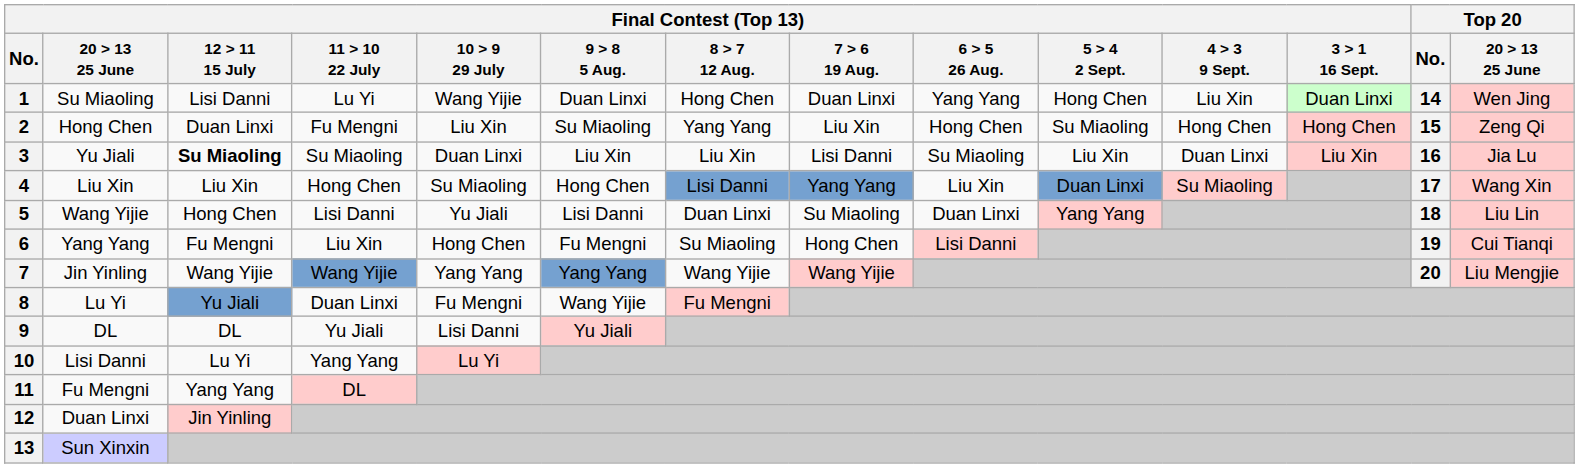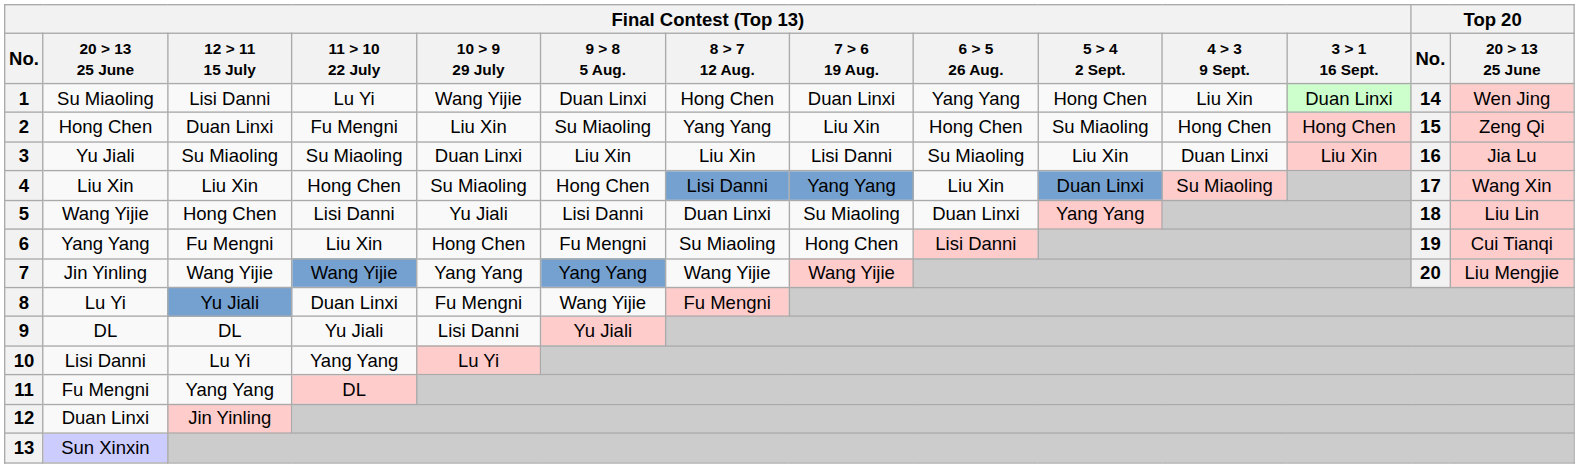 <table class="wikitable" style="font-size:85%;">
 <tr>
 <th align="center" colspan="12">Final Contest (Top 13)</th>
 <th align="center" colspan="2">Top 20</th>
 </tr>
 <tr>
 <th align="center">No.</th>
 <th align="center" width=85><small>20 > 13<br>25 June</small></th>
 <th align="center" width=85><small>12 > 11<br>15 July</small></th>
 <th align="center" width=85><small>11 > 10<br>22 July</small></th>
 <th align="center" width=85><small>10 > 9<br>29 July</small></th>
 <th align="center" width=85><small>9 > 8<br>5 Aug.</small></th>
 <th align="center" width=85><small>8 > 7<br>12 Aug.</small></th>
 <th align="center" width=85><small>7 > 6<br>19 Aug.</small></th>
 <th align="center" width=85><small>6 > 5<br>26 Aug.</small></th>
 <th align="center" width=85><small>5 > 4<br>2 Sept.</small></th>
 <th align="center" width=85><small>4 > 3<br>9 Sept.</small></th>
 <th align="center" width=85><small>3 > 1<br>16 Sept.</small></th>
 <th align="center">No.</th>
 <th align="center" width=85><small>20 > 13<br>25 June</small></th>
 </tr>
 <tr>
 <th>1</th>
 <td align="center">Su Miaoling<br><span></span></td>
 <td align="center">Lisi Danni<br><span></span></td>
 <td align="center">Lu Yi<br><span></span></td>
 <td align="center">Wang Yijie<br><span></span></td>
 <td align="center">Duan Linxi<br><span></span></td>
 <td align="center">Hong Chen<br><span></span></td>
 <td align="center">Duan Linxi<br><span></span></td>
 <td align="center">Yang Yang<br><span></span></td>
 <td align="center">Hong Chen<br><span></span></td>
 <td align="center">Liu Xin<br><span></span></td>
 <td align="center" bgcolor="#ccffcc">Duan Linxi<br><span></span></td>
 <th>14</th>
 <td align="center" style="background:#ffcccc;">Wen Jing<br><span></span></td>
 </tr>
 <tr>
 <th>2</th>
 <td align="center">Hong Chen<br><span></span></td>
 <td align="center">Duan Linxi<br><span></span></td>
 <td align="center">Fu Mengni<br><span></span></td>
 <td align="center">Liu Xin<br><span></span></td>
 <td align="center">Su Miaoling<br><span></span></td>
 <td align="center">Yang Yang<br><span></span></td>
 <td align="center">Liu Xin<br><span></span></td>
 <td align="center">Hong Chen<br><span></span></td>
 <td align="center">Su Miaoling<br><span></span></td>
 <td align="center">Hong Chen<br><span></span></td>
 <td align="center" bgcolor="#ffcccc">Hong Chen<br><span></span></td>
 <th>15</th>
 <td align="center" style="background:#ffcccc;">Zeng Qi<br><span></span></td>
 </tr>
 <tr>
 <th>3</th>
 <td align="center">Yu Jiali<br><span></span></td>
-<td align="center"><strong>Su Miaoling<br><span></span></strong></td>
+<td align="center">Su Miaoling<br><span></span></td>
 <td align="center">Su Miaoling<br><span></span></td>
 <td align="center">Duan Linxi<br><span></span></td>
 <td align="center">Liu Xin<br><span></span></td>
 <td align="center">Liu Xin<br><span></span></td>
 <td align="center">Lisi Danni<br><span></span></td>
 <td align="center">Su Miaoling<br><span></span></td>
 <td align="center">Liu Xin<br><span></span></td>
 <td align="center">Duan Linxi<br><span></span></td>
 <td align="center" bgcolor="#ffcccc">Liu Xin<br><span></span></td>
 <th>16</th>
 <td align="center" style="background:#ffcccc;">Jia Lu<br><span></span></td>
 </tr>
 <tr>
 <th>4</th>
 <td align="center">Liu Xin<br><span></span></td>
 <td align="center">Liu Xin<br><span></span></td>
 <td align="center">Hong Chen<br><span></span></td>
 <td align="center">Su Miaoling<br><span></span></td>
 <td align="center">Hong Chen<br><span></span></td>
 <td align="center" bgcolor="75a1d0">Lisi Danni<br><span></span></td>
 <td align="center" bgcolor="75a1d0">Yang Yang<br><span></span></td>
 <td align="center">Liu Xin<br><span></span></td>
 <td align="center" bgcolor="75a1d0">Duan Linxi<br><span></span></td>
 <td align="center" bgcolor="#ffcccc">Su Miaoling<br><span></span></td>
 <td align="center" colspan="1" bgcolor="#CCCCCC"></td>
 <th>17</th>
 <td align="center" style="background:#ffcccc;">Wang Xin<br><span></span></td>
 </tr>
 <tr>
 <th>5</th>
 <td align="center">Wang Yijie<br><span></span></td>
 <td align="center">Hong Chen<br><span></span></td>
 <td align="center">Lisi Danni<br><span></span></td>
 <td align="center">Yu Jiali<br><span></span></td>
 <td align="center">Lisi Danni<br><span></span></td>
 <td align="center">Duan Linxi<br><span></span></td>
 <td align="center">Su Miaoling<br><span></span></td>
 <td align="center">Duan Linxi<br><span></span></td>
 <td align="center" bgcolor="#ffcccc">Yang Yang<br><span></span></td>
 <td align="center" colspan="2" bgcolor="#CCCCCC"></td>
 <th>18</th>
 <td align="center" style="background:#ffcccc;">Liu Lin<br><span></span></td>
 </tr>
 <tr>
 <th>6</th>
 <td align="center">Yang Yang<br><span></span></td>
 <td align="center">Fu Mengni<br><span></span></td>
 <td align="center">Liu Xin<br><span></span></td>
 <td align="center">Hong Chen<br><span></span></td>
 <td align="center">Fu Mengni<br><span></span></td>
 <td align="center">Su Miaoling<br><span></span></td>
 <td align="center">Hong Chen<br><span></span></td>
 <td align="center" bgcolor="#ffcccc"><span>Lisi Danni<br><span></span></span></td>
 <td align="center" colspan="3" bgcolor="#CCCCCC"></td>
 <th>19</th>
 <td align="center" style="background:#ffcccc;">Cui Tianqi<br><span></span></td>
 </tr>
 <tr>
 <th>7</th>
 <td align="center">Jin Yinling<br><span></span></td>
 <td align="center">Wang Yijie<br><span></span></td>
 <td align="center" style="background:#75a1d0;">Wang Yijie<br><span></span></td>
 <td align="center">Yang Yang<br><span></span></td>
 <td align="center" style="background:#75a1d0;">Yang Yang<br><span></span></td>
 <td align="center">Wang Yijie<br><span></span></td>
 <td align="center" bgcolor="#ffcccc">Wang Yijie<br><span></span></td>
 <td align="center" colspan="4" bgcolor="#CCCCCC"></td>
 <th>20</th>
 <td align="center" style="background:#ffcccc;">Liu Mengjie<br><span></span></td>
 </tr>
 <tr>
 <th>8</th>
 <td align="center">Lu Yi<br><span></span></td>
 <td align="center" style="background:#75a1d0;">Yu Jiali<br><span></span></td>
 <td align="center">Duan Linxi<br><span></span></td>
 <td align="center">Fu Mengni<br><span></span></td>
 <td align="center">Wang Yijie<br><span></span></td>
 <td align="center" bgcolor="#ffcccc">Fu Mengni<br><span></span></td>
 <td align="center" colspan="7" bgcolor="#CCCCCC"></td>
 </tr>
 <tr>
 <th>9</th>
 <td align="center"><span>DL</span></td>
 <td align="center"><span>DL</span></td>
 <td align="center">Yu Jiali<br><span></span></td>
 <td align="center">Lisi Danni<br><span></span></td>
 <td align="center" bgcolor="#ffcccc">Yu Jiali<br><span></span></td>
 <td align="center" colspan="8" bgcolor="#CCCCCC"></td>
 </tr>
 <tr>
 <th>10</th>
 <td align="center">Lisi Danni<br><span></span></td>
 <td align="center">Lu Yi<br><span></span></td>
 <td align="center">Yang Yang<br><span></span></td>
 <td align="center" bgcolor="#ffcccc"><span>Lu Yi<br><span></span></span></td>
 <td align="center" colspan="9" bgcolor="#CCCCCC"></td>
 </tr>
 <tr>
 <th>11</th>
 <td align="center">Fu Mengni<br><span></span></td>
 <td align="center">Yang Yang<br><span></span></td>
 <td align="center" bgcolor="#ffcccc"><span>DL</span></td>
 <td align="center" colspan="10" bgcolor="#CCCCCC"></td>
 </tr>
 <tr>
 <th>12</th>
 <td align="center">Duan Linxi<br><span></span></td>
 <td align="center" bgcolor="#ffcccc">Jin Yinling<br><span></span></td>
 <td align="center" colspan="11" bgcolor="#CCCCCC"></td>
 </tr>
 <tr>
 <th>13</th>
 <td align="center" bgcolor="#ccccff">Sun Xinxin<br><span></span></td>
 <td align="center" colspan="12" bgcolor="#CCCCCC"></td>
 </tr>
 </table>
